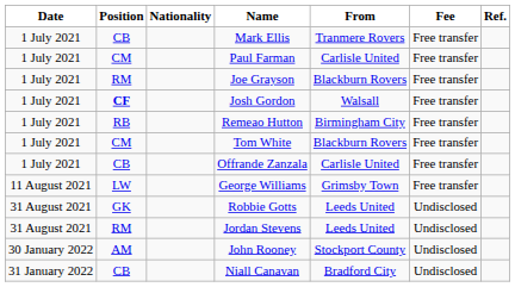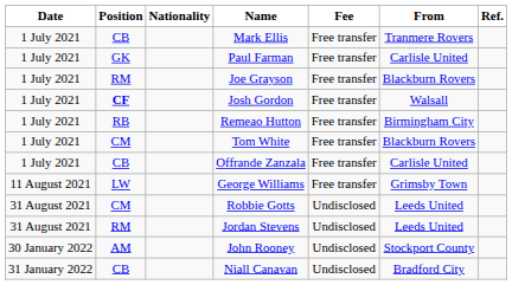 <table class="wikitable"  style="text-align:center; font-size:90%; ">
 <tr>
 <th style="background:white;">Date</th>
 <th style="background:white;">Position</th>
 <th style="background:white;">Nationality</th>
 <th style="background:white;">Name</th>
+<th style="background:white;">Fee</th>
 <th style="background:white;">From</th>
-<th style="background:white;">Fee</th>
 <th style="background:white;">Ref.</th>
 </tr>
 <tr>
 <td>1 July 2021</td>
 <td><a href='#'>CB</a></td>
 <td></td>
 <td><a href='#'>Mark Ellis</a></td>
+<td>Free transfer</td>
 <td> <a href='#'>Tranmere Rovers</a></td>
-<td>Free transfer</td>
 <td></td>
 </tr>
 <tr>
 <td>1 July 2021</td>
-<td><a href='#'>CM</a></td>
+<td><a href='#'>GK</a></td>
 <td></td>
 <td><a href='#'>Paul Farman</a></td>
+<td>Free transfer</td>
 <td> <a href='#'>Carlisle United</a></td>
-<td>Free transfer</td>
 <td></td>
 </tr>
 <tr>
 <td>1 July 2021</td>
 <td><a href='#'>RM</a></td>
 <td></td>
 <td><a href='#'>Joe Grayson</a></td>
+<td>Free transfer</td>
 <td> <a href='#'>Blackburn Rovers</a></td>
-<td>Free transfer</td>
 <td></td>
 </tr>
 <tr>
 <td>1 July 2021</td>
 <td><strong><a href='#'>CF</a></strong></td>
 <td></td>
 <td><a href='#'>Josh Gordon</a></td>
+<td>Free transfer</td>
 <td> <a href='#'>Walsall</a></td>
-<td>Free transfer</td>
 <td></td>
 </tr>
 <tr>
 <td>1 July 2021</td>
 <td><a href='#'>RB</a></td>
 <td></td>
 <td><a href='#'>Remeao Hutton</a></td>
+<td>Free transfer</td>
 <td> <a href='#'>Birmingham City</a></td>
-<td>Free transfer</td>
 <td></td>
 </tr>
 <tr>
 <td>1 July 2021</td>
 <td><a href='#'>CM</a></td>
 <td></td>
 <td><a href='#'>Tom White</a></td>
+<td>Free transfer</td>
 <td> <a href='#'>Blackburn Rovers</a></td>
-<td>Free transfer</td>
 <td></td>
 </tr>
 <tr>
 <td>1 July 2021</td>
 <td><a href='#'>CB</a></td>
 <td></td>
 <td><a href='#'>Offrande Zanzala</a></td>
+<td>Free transfer</td>
 <td> <a href='#'>Carlisle United</a></td>
-<td>Free transfer</td>
 <td></td>
 </tr>
 <tr>
 <td>11 August 2021</td>
 <td><a href='#'>LW</a></td>
 <td></td>
 <td><a href='#'>George Williams</a></td>
+<td>Free transfer</td>
 <td> <a href='#'>Grimsby Town</a></td>
-<td>Free transfer</td>
 <td></td>
 </tr>
 <tr>
 <td>31 August 2021</td>
-<td><a href='#'>GK</a></td>
+<td><a href='#'>CM</a></td>
 <td></td>
 <td><a href='#'>Robbie Gotts</a></td>
+<td>Undisclosed</td>
 <td> <a href='#'>Leeds United</a></td>
-<td>Undisclosed</td>
 <td></td>
 </tr>
 <tr>
 <td>31 August 2021</td>
 <td><a href='#'>RM</a></td>
 <td></td>
 <td><a href='#'>Jordan Stevens</a></td>
+<td>Undisclosed</td>
 <td> <a href='#'>Leeds United</a></td>
-<td>Undisclosed</td>
 <td></td>
 </tr>
 <tr>
 <td>30 January 2022</td>
 <td><a href='#'>AM</a></td>
 <td></td>
 <td><a href='#'>John Rooney</a></td>
+<td>Undisclosed</td>
 <td> <a href='#'>Stockport County</a></td>
-<td>Undisclosed</td>
 <td></td>
 </tr>
 <tr>
 <td>31 January 2022</td>
 <td><a href='#'>CB</a></td>
 <td></td>
 <td><a href='#'>Niall Canavan</a></td>
+<td>Undisclosed</td>
 <td> <a href='#'>Bradford City</a></td>
-<td>Undisclosed</td>
 <td></td>
 </tr>
 </table>
